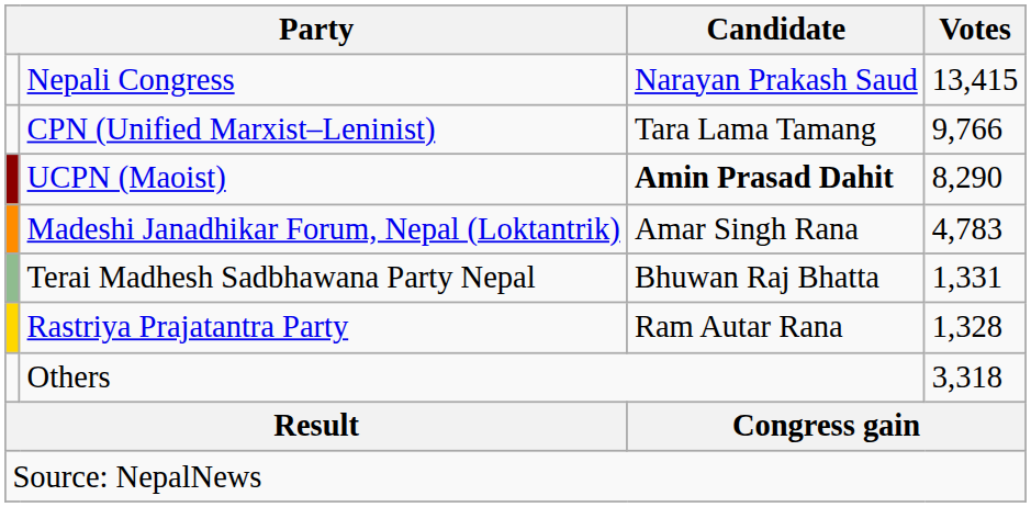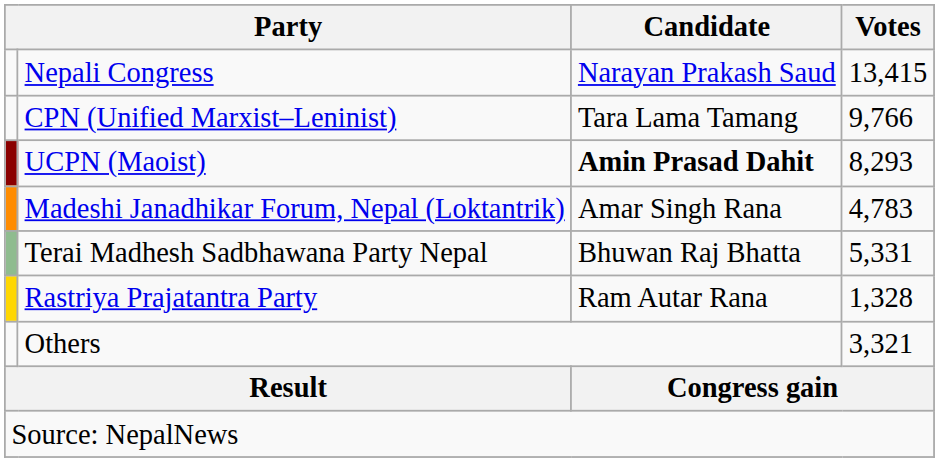 <table class="wikitable">
 <tr>
 <th colspan="2">Party</th>
 <th>Candidate</th>
 <th>Votes</th>
 </tr>
 <tr>
 <td style="background-color:"></td>
 <td><a href='#'>Nepali Congress</a></td>
 <td><a href='#'>Narayan Prakash Saud</a></td>
 <td>13,415</td>
 </tr>
 <tr>
 <td style="background-color:"></td>
 <td><a href='#'>CPN (Unified Marxist–Leninist)</a></td>
 <td>Tara Lama Tamang</td>
 <td>9,766</td>
 </tr>
 <tr>
 <td style="background-color:darkred"></td>
 <td><a href='#'>UCPN (Maoist)</a></td>
 <td><strong>Amin Prasad Dahit</strong></td>
-<td>8,290</td>
+<td>8,293</td>
 </tr>
 <tr>
 <td style="background-color:darkorange"></td>
 <td><a href='#'>Madeshi Janadhikar Forum, Nepal (Loktantrik)</a></td>
 <td>Amar Singh Rana</td>
 <td>4,783</td>
 </tr>
 <tr>
 <td style="background-color:darkseagreen"></td>
 <td>Terai Madhesh Sadbhawana Party Nepal</td>
 <td>Bhuwan Raj Bhatta</td>
-<td>1,331</td>
+<td>5,331</td>
 </tr>
 <tr>
 <td style="background-color:gold"></td>
 <td><a href='#'>Rastriya Prajatantra Party</a></td>
 <td>Ram Autar Rana</td>
 <td>1,328</td>
 </tr>
 <tr>
 <td></td>
 <td colspan="2">Others</td>
-<td>3,318</td>
+<td>3,321</td>
 </tr>
 <tr>
 <th colspan="2">Result</th>
 <th colspan="2">Congress gain</th>
 </tr>
 <tr>
 <td colspan="4">Source: NepalNews</td>
 </tr>
 </table>
